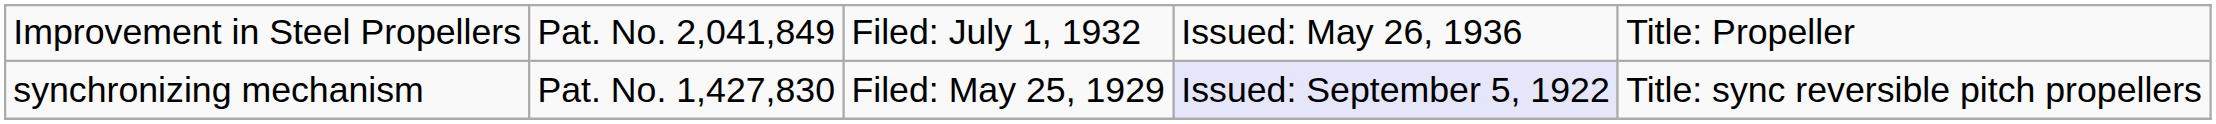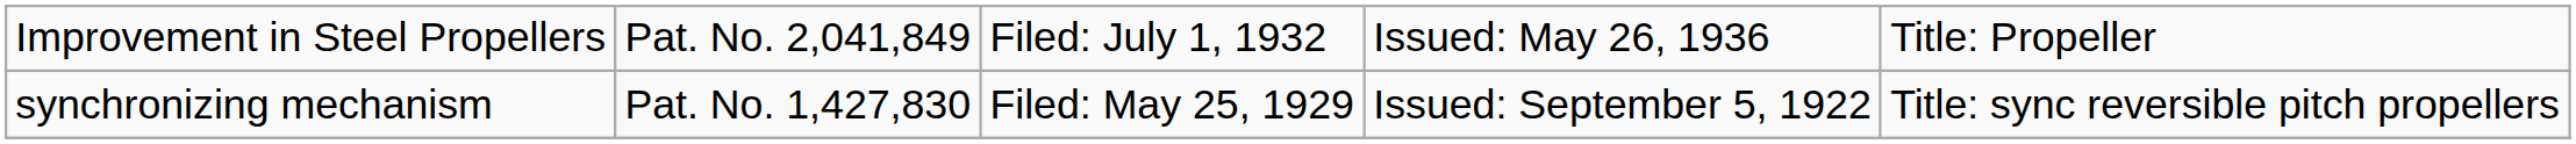 <table class="wikitable">
 <tr>
 <td>Improvement in Steel Propellers</td>
 <td>Pat. No. 2,041,849</td>
 <td>Filed: July 1, 1932</td>
 <td>Issued: May 26, 1936</td>
 <td>Title: Propeller</td>
 </tr>
 <tr>
 <td>synchronizing mechanism</td>
 <td>Pat. No. 1,427,830</td>
 <td>Filed: May 25, 1929</td>
-<td style="background: lavender;">Issued: September 5, 1922</td>
+<td>Issued: September 5, 1922</td>
 <td>Title: sync reversible pitch propellers</td>
 </tr>
 <tr>
 </tr>
 </table>
